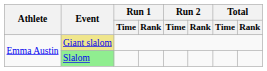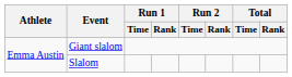 <table class="wikitable" style="font-size:90%">
 <tr>
 <th rowspan=2>Athlete</th>
 <th rowspan=2>Event</th>
 <th colspan=2>Run 1</th>
 <th colspan=2>Run 2</th>
 <th colspan=2>Total</th>
 </tr>
 <tr style="font-size:95%">
 <th>Time</th>
 <th>Rank</th>
 <th>Time</th>
 <th>Rank</th>
 <th>Time</th>
 <th>Rank</th>
 </tr>
 <tr align=center>
 <td align="left" rowspan="2"><a href='#'>Emma Austin</a></td>
-<td align="left" style="background: khaki;"><a href='#'>Giant slalom</a></td>
+<td align="left"><a href='#'>Giant slalom</a></td>
 <td colspan=6></td>
 </tr>
 <tr align=center>
-<td align="left" style="background: lightgreen;"><a href='#'>Slalom</a></td>
+<td align="left"><a href='#'>Slalom</a></td>
 <td></td>
 <td></td>
 <td></td>
 <td></td>
 <td></td>
 <td></td>
 </tr>
 </table>
